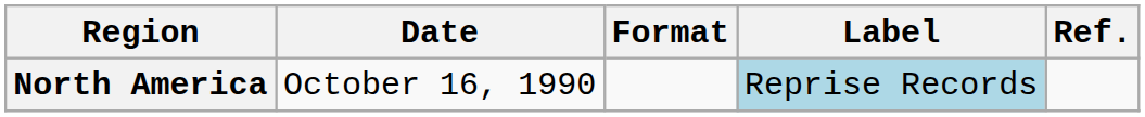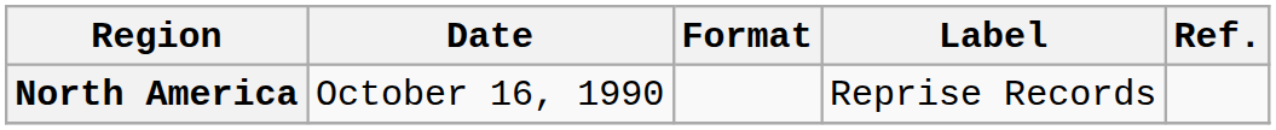 <table class="wikitable plainrowheaders">
 <tr>
 <th scope="col">Region</th>
 <th scope="col">Date</th>
 <th scope="col">Format</th>
 <th scope="col">Label</th>
 <th scope="col">Ref.</th>
 </tr>
 <tr>
 <th scope="row">North America</th>
 <td>October 16, 1990</td>
 <td></td>
-<td style="background: lightblue;">Reprise Records</td>
+<td>Reprise Records</td>
 <td></td>
 </tr>
 <tr>
 </tr>
 </table>
